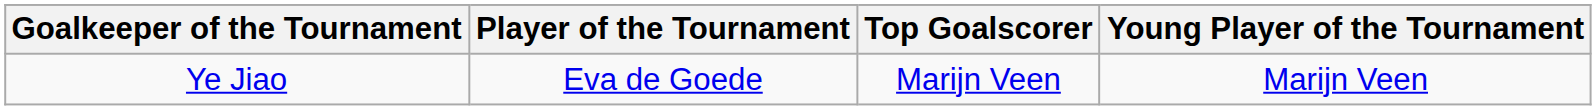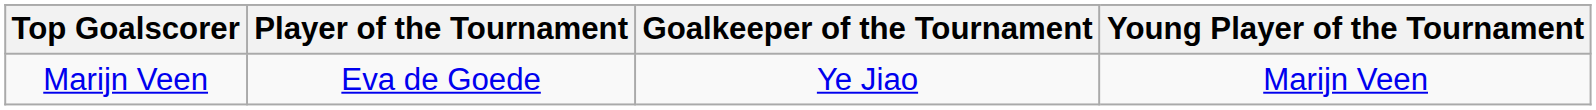 <table class=wikitable style="margin:auto; text-align:center">
 <tr>
+<th>Top Goalscorer</th>
+<th>Player of the Tournament</th>
 <th>Goalkeeper of the Tournament</th>
-<th>Player of the Tournament</th>
-<th>Top Goalscorer</th>
 <th>Young Player of the Tournament</th>
 </tr>
 <tr>
+<td> <a href='#'>Marijn Veen</a></td>
+<td> <a href='#'>Eva de Goede</a></td>
 <td> <a href='#'>Ye Jiao</a></td>
-<td> <a href='#'>Eva de Goede</a></td>
-<td> <a href='#'>Marijn Veen</a></td>
 <td> <a href='#'>Marijn Veen</a></td>
 </tr>
 </table>
